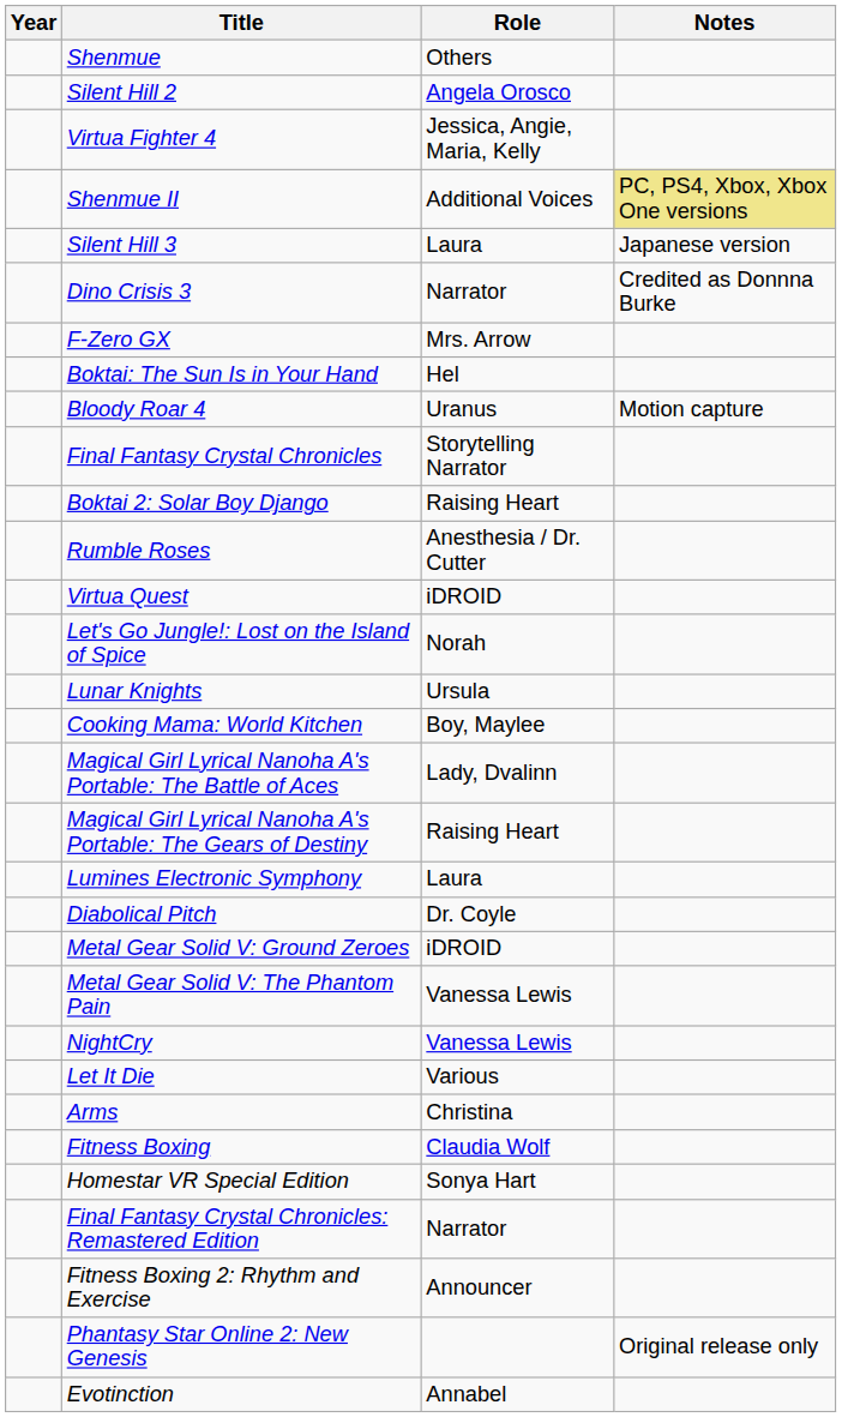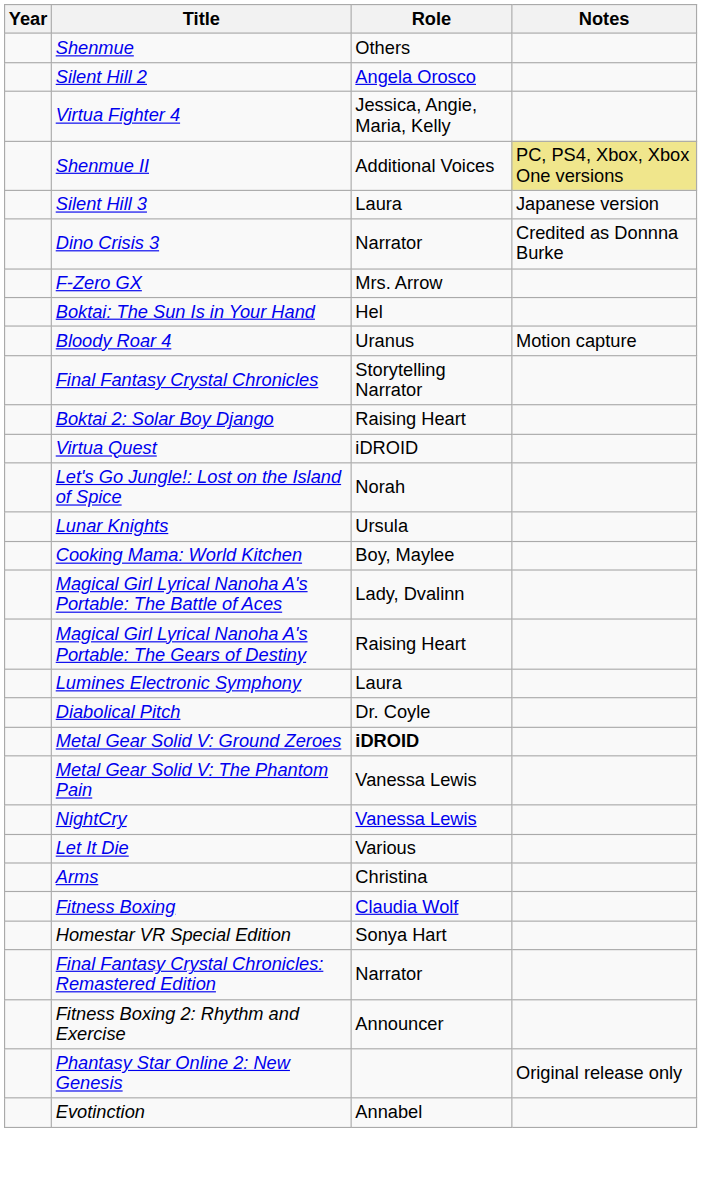 <table class="wikitable sortable">
 <tr>
 <th>Year</th>
 <th>Title</th>
 <th>Role</th>
 <th>Notes</th>
 </tr>
 <tr>
 <td></td>
 <td><em><a href='#'>Shenmue</a></em></td>
 <td>Others</td>
 <td></td>
 </tr>
 <tr>
 <td></td>
 <td><em><a href='#'>Silent Hill 2</a></em></td>
 <td><a href='#'>Angela Orosco</a></td>
 <td></td>
 </tr>
 <tr>
 <td></td>
 <td><em><a href='#'>Virtua Fighter 4</a></em></td>
 <td>Jessica, Angie, Maria, Kelly</td>
 <td></td>
 </tr>
 <tr>
 <td></td>
 <td><em><a href='#'>Shenmue II</a></em></td>
 <td>Additional Voices</td>
 <td style="background: khaki;">PC, PS4, Xbox, Xbox One versions</td>
 </tr>
 <tr>
 <td></td>
 <td><em><a href='#'>Silent Hill 3</a></em></td>
 <td>Laura</td>
 <td>Japanese version</td>
 </tr>
 <tr>
 <td></td>
 <td><em><a href='#'>Dino Crisis 3</a></em></td>
 <td>Narrator</td>
 <td>Credited as Donnna Burke</td>
 </tr>
 <tr>
 <td></td>
 <td><em><a href='#'>F-Zero GX</a></em></td>
 <td>Mrs. Arrow</td>
 <td></td>
 </tr>
 <tr>
 <td></td>
 <td><em><a href='#'>Boktai: The Sun Is in Your Hand</a></em></td>
 <td>Hel</td>
 <td></td>
 </tr>
 <tr>
 <td></td>
 <td><em><a href='#'>Bloody Roar 4</a></em></td>
 <td>Uranus</td>
 <td>Motion capture</td>
 </tr>
 <tr>
 <td></td>
 <td><em><a href='#'>Final Fantasy Crystal Chronicles</a></em></td>
 <td>Storytelling Narrator</td>
 <td></td>
 </tr>
 <tr>
 <td></td>
 <td><em><a href='#'>Boktai 2: Solar Boy Django</a></em></td>
 <td>Raising Heart</td>
 <td></td>
 </tr>
 <tr>
 <td></td>
-<td><em><a href='#'>Rumble Roses</a></em></td>
-<td>Anesthesia / Dr. Cutter</td>
-<td></td>
-</tr>
-<tr>
-<td></td>
 <td><em><a href='#'>Virtua Quest</a></em></td>
 <td>iDROID</td>
 <td></td>
 </tr>
 <tr>
 <td></td>
 <td><em><a href='#'>Let's Go Jungle!: Lost on the Island of Spice</a></em></td>
 <td>Norah</td>
 <td></td>
 </tr>
 <tr>
 <td></td>
 <td><em><a href='#'>Lunar Knights</a></em></td>
 <td>Ursula</td>
 <td></td>
 </tr>
 <tr>
 <td></td>
 <td><em><a href='#'>Cooking Mama: World Kitchen</a></em></td>
 <td>Boy, Maylee</td>
 <td></td>
 </tr>
 <tr>
 <td></td>
 <td><em><a href='#'>Magical Girl Lyrical Nanoha A's Portable: The Battle of Aces</a></em></td>
 <td>Lady, Dvalinn</td>
 <td></td>
 </tr>
 <tr>
 <td></td>
 <td><em><a href='#'>Magical Girl Lyrical Nanoha A's Portable: The Gears of Destiny</a></em></td>
 <td>Raising Heart</td>
 <td></td>
 </tr>
 <tr>
 <td></td>
 <td><em><a href='#'>Lumines Electronic Symphony</a></em></td>
 <td>Laura</td>
 <td></td>
 </tr>
 <tr>
 <td></td>
 <td><em><a href='#'>Diabolical Pitch</a></em></td>
 <td>Dr. Coyle</td>
 <td></td>
 </tr>
 <tr>
 <td></td>
 <td><em><a href='#'>Metal Gear Solid V: Ground Zeroes</a></em></td>
-<td>iDROID</td>
+<td><strong>iDROID</strong></td>
 <td></td>
 </tr>
 <tr>
 <td></td>
 <td><em><a href='#'>Metal Gear Solid V: The Phantom Pain</a></em></td>
 <td>Vanessa Lewis</td>
 <td></td>
 </tr>
 <tr>
 <td></td>
 <td><em><a href='#'>NightCry</a></em></td>
 <td><a href='#'>Vanessa Lewis</a></td>
 <td></td>
 </tr>
 <tr>
 <td></td>
 <td><em><a href='#'>Let It Die</a></em></td>
 <td>Various</td>
 <td></td>
 </tr>
 <tr>
 <td> </td>
 <td><em><a href='#'>Arms</a></em></td>
 <td>Christina</td>
 <td></td>
 </tr>
 <tr>
 <td></td>
 <td><em><a href='#'>Fitness Boxing</a></em></td>
 <td><a href='#'>Claudia Wolf</a></td>
 <td></td>
 </tr>
 <tr>
 <td></td>
 <td><em>Homestar VR Special Edition</em></td>
 <td>Sonya Hart</td>
 <td></td>
 </tr>
 <tr>
 <td></td>
 <td><em><a href='#'>Final Fantasy Crystal Chronicles: Remastered Edition</a></em></td>
 <td>Narrator</td>
 <td></td>
 </tr>
 <tr>
 <td></td>
 <td><em>Fitness Boxing 2: Rhythm and Exercise</em></td>
 <td>Announcer</td>
 <td></td>
 </tr>
 <tr>
 <td></td>
 <td><em><a href='#'>Phantasy Star Online 2: New Genesis</a></em></td>
 <td></td>
 <td>Original release only</td>
 </tr>
 <tr>
 <td></td>
 <td><em>Evotinction</em></td>
 <td>Annabel</td>
 <td></td>
 </tr>
 </table>
